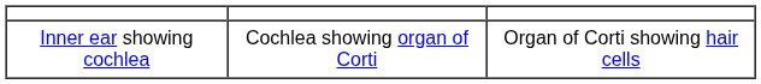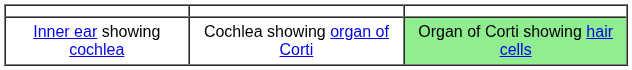 <table border="1" cellpadding="5" cellspacing="0">
 <tr>
 <td></td>
 <td></td>
 <td></td>
 </tr>
 <tr align="center">
 <td><a href='#'>Inner ear</a> showing <a href='#'>cochlea</a></td>
 <td>Cochlea showing <a href='#'>organ of Corti</a></td>
-<td>Organ of Corti showing <a href='#'>hair cells</a></td>
+<td style="background: lightgreen;">Organ of Corti showing <a href='#'>hair cells</a></td>
 </tr>
 </table>
